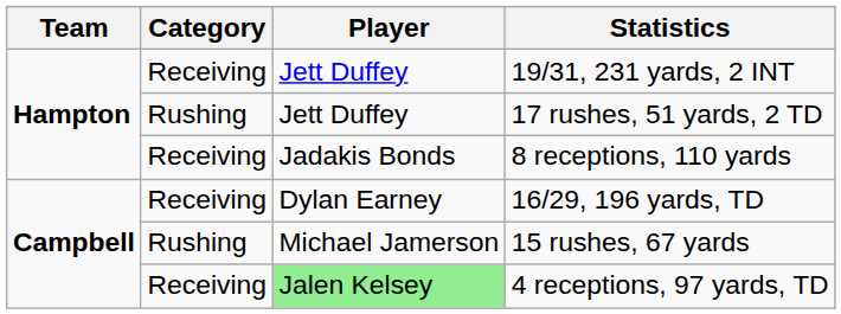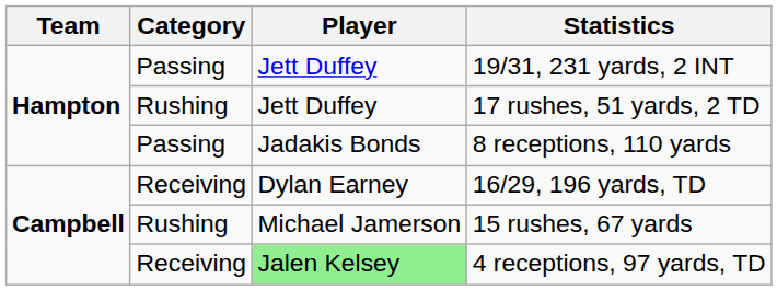 <table class="wikitable" style="float: right;">
 <tr>
 <th>Team</th>
 <th>Category</th>
 <th>Player</th>
 <th>Statistics</th>
 </tr>
 <tr>
 <td rowspan=3><strong>Hampton</strong></td>
-<td>Receiving</td>
+<td>Passing</td>
 <td><a href='#'>Jett Duffey</a></td>
 <td>19/31, 231 yards, 2 INT</td>
 </tr>
 <tr>
 <td>Rushing</td>
 <td>Jett Duffey</td>
 <td>17 rushes, 51 yards, 2 TD</td>
 </tr>
 <tr>
-<td>Receiving</td>
+<td>Passing</td>
 <td>Jadakis Bonds</td>
 <td>8 receptions, 110 yards</td>
 </tr>
 <tr>
 <td rowspan=3><strong>Campbell</strong></td>
 <td>Receiving</td>
 <td>Dylan Earney</td>
 <td>16/29, 196 yards, TD</td>
 </tr>
 <tr>
 <td>Rushing</td>
 <td>Michael Jamerson</td>
 <td>15 rushes, 67 yards</td>
 </tr>
 <tr>
 <td>Receiving</td>
 <td style="background: lightgreen;">Jalen Kelsey</td>
 <td>4 receptions, 97 yards, TD</td>
 </tr>
 </table>
